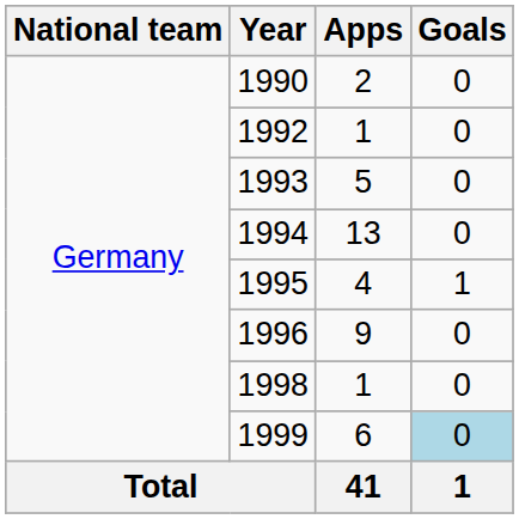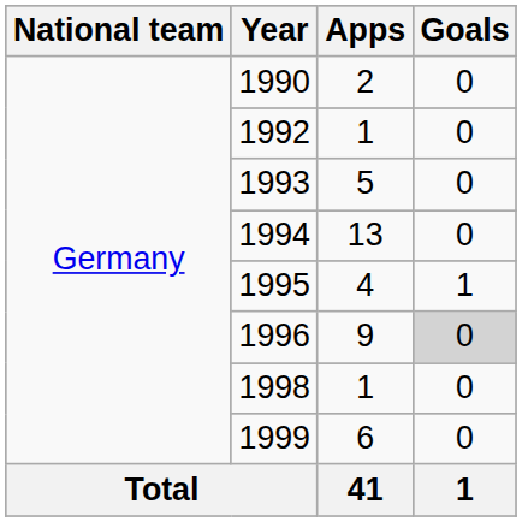 <table class="wikitable" style="text-align:center">
 <tr>
 <th>National team</th>
 <th>Year</th>
 <th>Apps</th>
 <th>Goals</th>
 </tr>
 <tr>
 <td rowspan="8"><a href='#'>Germany</a></td>
 <td>1990</td>
 <td>2</td>
 <td>0</td>
 </tr>
 <tr>
 <td>1992</td>
 <td>1</td>
 <td>0</td>
 </tr>
 <tr>
 <td>1993</td>
 <td>5</td>
 <td>0</td>
 </tr>
 <tr>
 <td>1994</td>
 <td>13</td>
 <td>0</td>
 </tr>
 <tr>
 <td>1995</td>
 <td>4</td>
 <td>1</td>
 </tr>
 <tr>
 <td>1996</td>
 <td>9</td>
-<td>0</td>
+<td style="background: lightgrey;">0</td>
 </tr>
 <tr>
 <td>1998</td>
 <td>1</td>
 <td>0</td>
 </tr>
 <tr>
 <td>1999</td>
 <td>6</td>
-<td style="background: lightblue;">0</td>
+<td>0</td>
 </tr>
 <tr>
 <th colspan="2">Total</th>
 <th>41</th>
 <th>1</th>
 </tr>
 </table>
